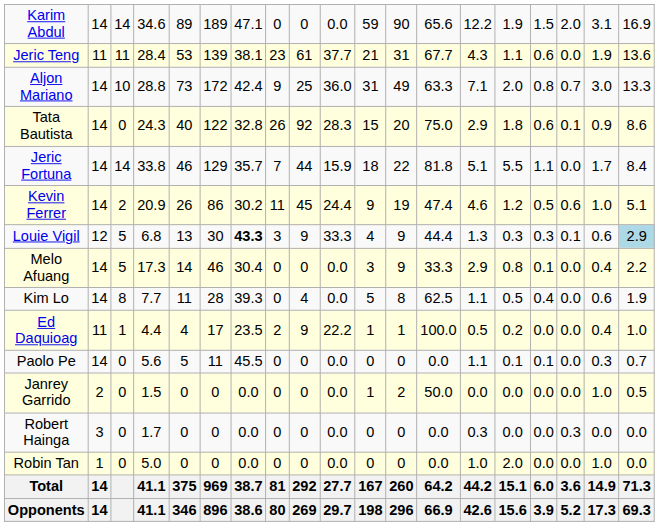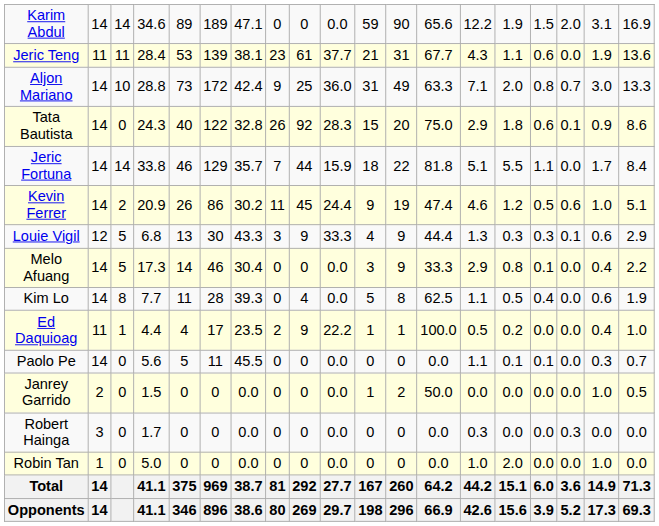 <table class=wikitable width=100%>
 <tr align=center>
 <td><a href='#'>Karim Abdul</a></td>
 <td>14</td>
 <td>14</td>
 <td style=>34.6</td>
 <td>89</td>
 <td>189</td>
 <td style=>47.1</td>
 <td>0</td>
 <td>0</td>
 <td>0.0</td>
 <td>59</td>
 <td>90</td>
 <td>65.6</td>
 <td style=>12.2</td>
 <td>1.9</td>
 <td style=>1.5</td>
 <td style=>2.0</td>
 <td>3.1</td>
 <td style=>16.9</td>
 </tr>
 <tr bgcolor=#ffffdd align=center>
 <td><a href='#'>Jeric Teng</a></td>
 <td>11</td>
 <td>11</td>
 <td>28.4</td>
 <td>53</td>
 <td>139</td>
 <td>38.1</td>
 <td>23</td>
 <td>61</td>
 <td style=>37.7</td>
 <td>21</td>
 <td>31</td>
 <td>67.7</td>
 <td>4.3</td>
 <td>1.1</td>
 <td>0.6</td>
 <td>0.0</td>
 <td>1.9</td>
 <td>13.6</td>
 </tr>
 <tr align=center>
 <td><a href='#'>Aljon Mariano</a></td>
 <td>14</td>
 <td>10</td>
 <td>28.8</td>
 <td>73</td>
 <td>172</td>
 <td>42.4</td>
 <td>9</td>
 <td>25</td>
 <td>36.0</td>
 <td>31</td>
 <td>49</td>
 <td>63.3</td>
 <td>7.1</td>
 <td>2.0</td>
 <td>0.8</td>
 <td>0.7</td>
 <td>3.0</td>
 <td>13.3</td>
 </tr>
 <tr bgcolor=#ffffdd align=center>
 <td>Tata Bautista</td>
 <td>14</td>
 <td>0</td>
 <td>24.3</td>
 <td>40</td>
 <td>122</td>
 <td>32.8</td>
 <td>26</td>
 <td>92</td>
 <td>28.3</td>
 <td>15</td>
 <td>20</td>
 <td>75.0</td>
 <td>2.9</td>
 <td>1.8</td>
 <td>0.6</td>
 <td>0.1</td>
 <td>0.9</td>
 <td>8.6</td>
 </tr>
 <tr align=center>
 <td><a href='#'>Jeric Fortuna</a></td>
 <td>14</td>
 <td>14</td>
 <td>33.8</td>
 <td>46</td>
 <td>129</td>
 <td>35.7</td>
 <td>7</td>
 <td>44</td>
 <td>15.9</td>
 <td>18</td>
 <td>22</td>
 <td>81.8</td>
 <td>5.1</td>
 <td style=>5.5</td>
 <td>1.1</td>
 <td>0.0</td>
 <td>1.7</td>
 <td>8.4</td>
 </tr>
 <tr bgcolor=#ffffdd align=center>
 <td><a href='#'>Kevin Ferrer</a></td>
 <td>14</td>
 <td>2</td>
 <td>20.9</td>
 <td>26</td>
 <td>86</td>
 <td>30.2</td>
 <td>11</td>
 <td>45</td>
 <td>24.4</td>
 <td>9</td>
 <td>19</td>
 <td>47.4</td>
 <td>4.6</td>
 <td>1.2</td>
 <td>0.5</td>
 <td>0.6</td>
 <td>1.0</td>
 <td>5.1</td>
 </tr>
 <tr align=center>
 <td><a href='#'>Louie Vigil</a></td>
 <td>12</td>
 <td>5</td>
 <td>6.8</td>
 <td>13</td>
 <td>30</td>
-<td><strong>43.3</strong></td>
+<td>43.3</td>
 <td>3</td>
 <td>9</td>
 <td>33.3</td>
 <td>4</td>
 <td>9</td>
 <td>44.4</td>
 <td>1.3</td>
 <td>0.3</td>
 <td>0.3</td>
 <td>0.1</td>
 <td>0.6</td>
-<td style="background: lightblue;">2.9</td>
+<td>2.9</td>
 </tr>
 <tr bgcolor=#ffffdd align=center>
 <td>Melo Afuang</td>
 <td>14</td>
 <td>5</td>
 <td>17.3</td>
 <td>14</td>
 <td>46</td>
 <td>30.4</td>
 <td>0</td>
 <td>0</td>
 <td>0.0</td>
 <td>3</td>
 <td>9</td>
 <td>33.3</td>
 <td>2.9</td>
 <td>0.8</td>
 <td>0.1</td>
 <td>0.0</td>
 <td>0.4</td>
 <td>2.2</td>
 </tr>
 <tr align=center>
 <td>Kim Lo</td>
 <td>14</td>
 <td>8</td>
 <td>7.7</td>
 <td>11</td>
 <td>28</td>
 <td>39.3</td>
 <td>0</td>
 <td>4</td>
 <td>0.0</td>
 <td>5</td>
 <td>8</td>
 <td>62.5</td>
 <td>1.1</td>
 <td>0.5</td>
 <td>0.4</td>
 <td>0.0</td>
 <td>0.6</td>
 <td>1.9</td>
 </tr>
 <tr bgcolor=#ffffdd align=center>
 <td><a href='#'>Ed Daquioag</a></td>
 <td>11</td>
 <td>1</td>
 <td>4.4</td>
 <td>4</td>
 <td>17</td>
 <td>23.5</td>
 <td>2</td>
 <td>9</td>
 <td>22.2</td>
 <td>1</td>
 <td>1</td>
 <td style=>100.0</td>
 <td>0.5</td>
 <td>0.2</td>
 <td>0.0</td>
 <td>0.0</td>
 <td>0.4</td>
 <td>1.0</td>
 </tr>
 <tr align=center>
 <td>Paolo Pe</td>
 <td>14</td>
 <td>0</td>
 <td>5.6</td>
 <td>5</td>
 <td>11</td>
 <td>45.5</td>
 <td>0</td>
 <td>0</td>
 <td>0.0</td>
 <td>0</td>
 <td>0</td>
 <td>0.0</td>
 <td>1.1</td>
 <td>0.1</td>
 <td>0.1</td>
 <td>0.0</td>
 <td>0.3</td>
 <td>0.7</td>
 </tr>
 <tr bgcolor=#ffffdd align=center>
 <td>Janrey Garrido</td>
 <td>2</td>
 <td>0</td>
 <td>1.5</td>
 <td>0</td>
 <td>0</td>
 <td>0.0</td>
 <td>0</td>
 <td>0</td>
 <td>0.0</td>
 <td>1</td>
 <td>2</td>
 <td>50.0</td>
 <td>0.0</td>
 <td>0.0</td>
 <td>0.0</td>
 <td>0.0</td>
 <td>1.0</td>
 <td>0.5</td>
 </tr>
 <tr align=center>
 <td>Robert Hainga</td>
 <td>3</td>
 <td>0</td>
 <td>1.7</td>
 <td>0</td>
 <td>0</td>
 <td>0.0</td>
 <td>0</td>
 <td>0</td>
 <td>0.0</td>
 <td>0</td>
 <td>0</td>
 <td>0.0</td>
 <td>0.3</td>
 <td>0.0</td>
 <td>0.0</td>
 <td>0.3</td>
 <td>0.0</td>
 <td>0.0</td>
 </tr>
 <tr bgcolor=#ffffdd align=center>
 <td>Robin Tan</td>
 <td>1</td>
 <td>0</td>
 <td>5.0</td>
 <td>0</td>
 <td>0</td>
 <td>0.0</td>
 <td>0</td>
 <td>0</td>
 <td>0.0</td>
 <td>0</td>
 <td>0</td>
 <td>0.0</td>
 <td>1.0</td>
 <td>2.0</td>
 <td>0.0</td>
 <td>0.0</td>
 <td>1.0</td>
 <td>0.0</td>
 </tr>
 <tr class=sortbottom>
 <th>Total</th>
 <th>14</th>
 <th></th>
 <th>41.1</th>
 <th>375</th>
 <th>969</th>
 <th>38.7</th>
 <th>81</th>
 <th>292</th>
 <th>27.7</th>
 <th>167</th>
 <th>260</th>
 <th>64.2</th>
 <th>44.2</th>
 <th>15.1</th>
 <th>6.0</th>
 <th>3.6</th>
 <th>14.9</th>
 <th>71.3</th>
 </tr>
 <tr class=sortbottom>
 <th>Opponents</th>
 <th>14</th>
 <th></th>
 <th>41.1</th>
 <th>346</th>
 <th>896</th>
 <th>38.6</th>
 <th>80</th>
 <th>269</th>
 <th>29.7</th>
 <th>198</th>
 <th>296</th>
 <th>66.9</th>
 <th>42.6</th>
 <th>15.6</th>
 <th>3.9</th>
 <th>5.2</th>
 <th>17.3</th>
 <th>69.3</th>
 </tr>
 </table>
